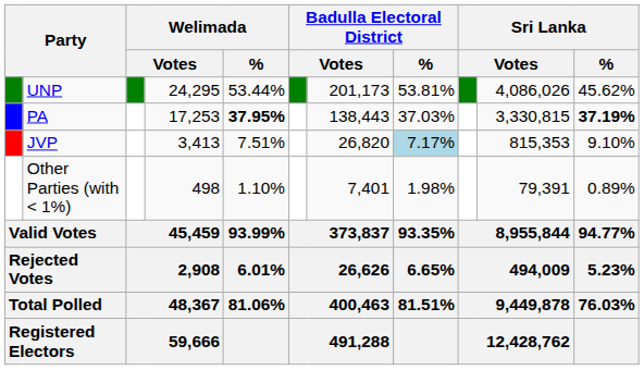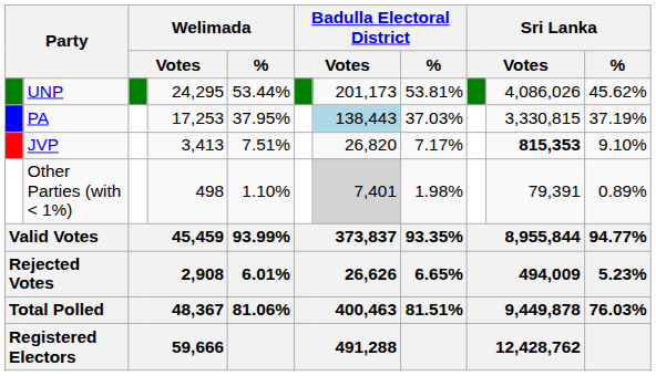 <table class="wikitable">
 <tr>
 <th colspan="2" width="144px"rowspan="2">Party</th>
 <th colspan="3" width="216px">Welimada</th>
 <th colspan="3" width="216px"><a href='#'>Badulla Electoral District</a></th>
 <th colspan="3" width="216px">Sri Lanka</th>
 </tr>
 <tr>
 <th colspan="2" width="144px">Votes</th>
 <th>%</th>
 <th colspan="2" width="144px">Votes</th>
 <th>%</th>
 <th colspan="2" width="144px">Votes</th>
 <th>%</th>
 </tr>
 <tr>
 <td style="background-color:green;" width="10px"></td>
 <td style="text-align:left;"><a href='#'>UNP</a></td>
 <td style="background-color:green;" width="10px"></td>
 <td style="text-align:right;">24,295</td>
 <td style="text-align:right;">53.44%</td>
 <td style="background-color:green;" width="10px"></td>
 <td style="text-align:right;">201,173</td>
 <td style="text-align:right;">53.81%</td>
 <td style="background-color:green;" width="10px"></td>
 <td style="text-align:right;">4,086,026</td>
 <td style="text-align:right;">45.62%</td>
 </tr>
 <tr>
 <td style="background-color:blue;" width="10px"></td>
 <td style="text-align:left;"><a href='#'>PA</a></td>
 <td style="background-color:white;" width="10px"></td>
 <td style="text-align:right;">17,253</td>
-<td style="text-align:right;"><strong>37.95%</strong></td>
+<td style="text-align:right;">37.95%</td>
 <td style="background-color:white;" width="10px"></td>
-<td style="text-align:right;">138,443</td>
+<td style="background: lightblue; text-align:right;">138,443</td>
 <td style="text-align:right;">37.03%</td>
 <td style="background-color:white;" width="10px"></td>
 <td style="text-align:right;">3,330,815</td>
-<td style="text-align:right;"><strong>37.19%</strong></td>
+<td style="text-align:right;">37.19%</td>
 </tr>
 <tr>
 <td style="background-color:red;" width="10px"></td>
 <td style="text-align:left;"><a href='#'>JVP</a></td>
 <td style="background-color:white;" width="10px"></td>
 <td style="text-align:right;">3,413</td>
 <td style="text-align:right;">7.51%</td>
 <td style="background-color:white;" width="10px"></td>
 <td style="text-align:right;">26,820</td>
-<td style="background: lightblue; text-align:right;">7.17%</td>
+<td style="text-align:right;">7.17%</td>
 <td style="background-color:white;" width="10px"></td>
-<td style="text-align:right;">815,353</td>
+<td style="text-align:right;"><strong>815,353</strong></td>
 <td style="text-align:right;">9.10%</td>
 </tr>
 <tr>
 <td style="background-color:white;" width="10px"></td>
 <td style="text-align:left;">Other Parties (with < 1%)</td>
 <td style="background-color:white;" width="10px"></td>
 <td style="text-align:right;">498</td>
 <td style="text-align:right;">1.10%</td>
 <td style="background-color:white;" width="10px"></td>
-<td style="text-align:right;">7,401</td>
+<td style="background: lightgrey; text-align:right;">7,401</td>
 <td style="text-align:right;">1.98%</td>
 <td style="background-color:white;" width="10px"></td>
 <td style="text-align:right;">79,391</td>
 <td style="text-align:right;">0.89%</td>
 </tr>
 <tr>
 <th colspan="2" width="144px"style="text-align:left;">Valid Votes</th>
 <th style="text-align:right;"colspan="2" width="144px">45,459</th>
 <th style="text-align:right;">93.99%</th>
 <th style="text-align:right;"colspan="2" width="144px">373,837</th>
 <th style="text-align:right;">93.35%</th>
 <th style="text-align:right;"colspan="2" width="144px">8,955,844</th>
 <th style="text-align:right;">94.77%</th>
 </tr>
 <tr>
 <th colspan="2" width="144px"style="text-align:left;">Rejected Votes</th>
 <th style="text-align:right;"colspan="2" width="144px">2,908</th>
 <th style="text-align:right;">6.01%</th>
 <th style="text-align:right;"colspan="2" width="144px">26,626</th>
 <th style="text-align:right;">6.65%</th>
 <th style="text-align:right;"colspan="2" width="144px">494,009</th>
 <th style="text-align:right;">5.23%</th>
 </tr>
 <tr>
 <th colspan="2" width="144px"style="text-align:left;">Total Polled</th>
 <th style="text-align:right;"colspan="2" width="144px">48,367</th>
 <th style="text-align:right;">81.06%</th>
 <th style="text-align:right;"colspan="2" width="144px">400,463</th>
 <th style="text-align:right;">81.51%</th>
 <th style="text-align:right;"colspan="2" width="144px">9,449,878</th>
 <th style="text-align:right;">76.03%</th>
 </tr>
 <tr>
 <th colspan="2" width="144px"style="text-align:left;">Registered Electors</th>
 <th style="text-align:right;"colspan="2" width="144px">59,666</th>
 <th></th>
 <th style="text-align:right;"colspan="2" width="144px">491,288</th>
 <th></th>
 <th style="text-align:right;"colspan="2" width="144px">12,428,762</th>
 <th></th>
 </tr>
 </table>
